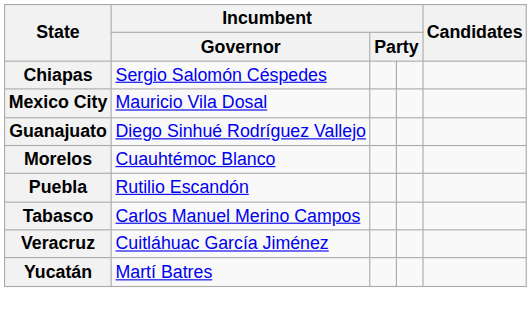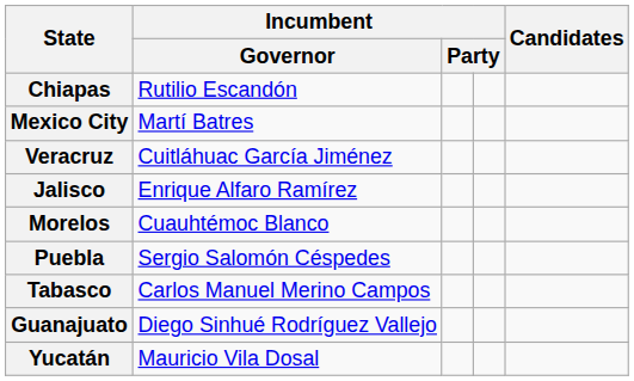 <table class="wikitable sortable">
 <tr>
 <th colspan="1" rowspan="2">State</th>
 <th colspan="3">Incumbent</th>
 <th rowspan="2">Candidates</th>
 </tr>
 <tr valign="bottom">
 <th>Governor</th>
 <th colspan="2">Party</th>
 </tr>
 <tr>
 <th>Chiapas</th>
-<td><a href='#'>Sergio Salomón Céspedes</a></td>
+<td><a href='#'>Rutilio Escandón</a></td>
 <td style="background:"></td>
 <td></td>
 <td nowrap=""></td>
 </tr>
 <tr>
 <th>Mexico City</th>
-<td><a href='#'>Mauricio Vila Dosal</a></td>
+<td><a href='#'>Martí Batres</a></td>
 <td style="background:"></td>
 <td></td>
 <td></td>
 </tr>
 <tr>
-<th>Guanajuato</th>
-<td><a href='#'>Diego Sinhué Rodríguez Vallejo</a></td>
+<th>Veracruz</th>
+<td><a href='#'>Cuitláhuac García Jiménez</a></td>
+<td style="background:"></td>
+<td></td>
+<td></td>
+</tr>
+<tr>
+<th>Jalisco</th>
+<td><a href='#'>Enrique Alfaro Ramírez</a></td>
 <td style="background:"></td>
 <td></td>
 <td nowrap=""></td>
 </tr>
 <tr>
 <th>Morelos</th>
 <td><a href='#'>Cuauhtémoc Blanco</a></td>
 <td style="background:"></td>
 <td nowrap=""></td>
 <td></td>
 </tr>
 <tr>
 <th>Puebla</th>
-<td><a href='#'>Rutilio Escandón</a></td>
+<td><a href='#'>Sergio Salomón Céspedes</a></td>
 <td style="background:"></td>
 <td></td>
 <td></td>
 </tr>
 <tr>
 <th>Tabasco</th>
 <td><a href='#'>Carlos Manuel Merino Campos</a></td>
 <td style="background:"></td>
 <td></td>
 <td></td>
 </tr>
 <tr>
-<th>Veracruz</th>
-<td><a href='#'>Cuitláhuac García Jiménez</a></td>
+<th>Guanajuato</th>
+<td><a href='#'>Diego Sinhué Rodríguez Vallejo</a></td>
 <td style="background:"></td>
 <td></td>
-<td></td>
+<td nowrap=""></td>
 </tr>
 <tr>
 <th>Yucatán</th>
-<td><a href='#'>Martí Batres</a></td>
+<td><a href='#'>Mauricio Vila Dosal</a></td>
 <td style="background:"></td>
 <td></td>
 <td></td>
 </tr>
 </table>
